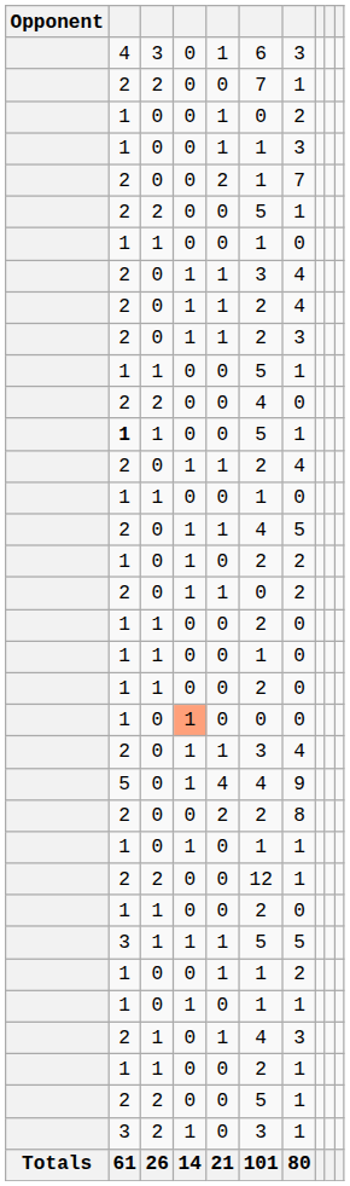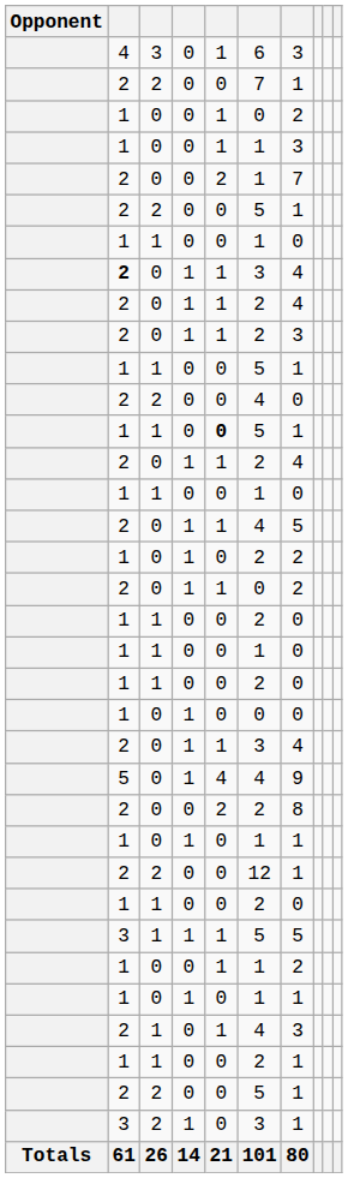 <table class="wikitable plainrowheaders sortable" style="text-align:center">
 <tr>
 <th scope=col>Opponent</th>
 <th scope=col></th>
 <th scope=col></th>
 <th scope=col></th>
 <th scope=col></th>
 <th scope=col></th>
 <th scope=col></th>
 <th scope=col></th>
 <th scope=col></th>
 <th scope=col></th>
 </tr>
 <tr>
 <th scope=row style="text-align:left;"></th>
 <td>4</td>
 <td>3</td>
 <td>0</td>
 <td>1</td>
 <td>6</td>
 <td>3</td>
 <td></td>
 <td></td>
 <td></td>
 </tr>
 <tr>
 <th scope=row style="text-align:left;"></th>
 <td>2</td>
 <td>2</td>
 <td>0</td>
 <td>0</td>
 <td>7</td>
 <td>1</td>
 <td></td>
 <td></td>
 <td></td>
 </tr>
 <tr>
 <th scope=row style="text-align:left;"></th>
 <td>1</td>
 <td>0</td>
 <td>0</td>
 <td>1</td>
 <td>0</td>
 <td>2</td>
 <td></td>
 <td></td>
 <td></td>
 </tr>
 <tr>
 <th scope=row style="text-align:left;"></th>
 <td>1</td>
 <td>0</td>
 <td>0</td>
 <td>1</td>
 <td>1</td>
 <td>3</td>
 <td></td>
 <td></td>
 <td></td>
 </tr>
 <tr>
 <th scope=row style="text-align:left;"></th>
 <td>2</td>
 <td>0</td>
 <td>0</td>
 <td>2</td>
 <td>1</td>
 <td>7</td>
 <td></td>
 <td></td>
 <td></td>
 </tr>
 <tr>
 <th scope=row style="text-align:left;"></th>
 <td>2</td>
 <td>2</td>
 <td>0</td>
 <td>0</td>
 <td>5</td>
 <td>1</td>
 <td></td>
 <td></td>
 <td></td>
 </tr>
 <tr>
 <th scope=row style="text-align:left;"></th>
 <td>1</td>
 <td>1</td>
 <td>0</td>
 <td>0</td>
 <td>1</td>
 <td>0</td>
 <td></td>
 <td></td>
 <td></td>
 </tr>
 <tr>
 <th scope=row style="text-align:left;"></th>
-<td>2</td>
+<td><strong>2</strong></td>
 <td>0</td>
 <td>1</td>
 <td>1</td>
 <td>3</td>
 <td>4</td>
 <td></td>
 <td></td>
 <td></td>
 </tr>
 <tr>
 <th scope=row style="text-align:left;"></th>
 <td>2</td>
 <td>0</td>
 <td>1</td>
 <td>1</td>
 <td>2</td>
 <td>4</td>
 <td></td>
 <td></td>
 <td></td>
 </tr>
 <tr>
 <th scope=row style="text-align:left;"></th>
 <td>2</td>
 <td>0</td>
 <td>1</td>
 <td>1</td>
 <td>2</td>
 <td>3</td>
 <td></td>
 <td></td>
 <td></td>
 </tr>
 <tr>
 <th scope=row style="text-align:left;"></th>
 <td>1</td>
 <td>1</td>
 <td>0</td>
 <td>0</td>
 <td>5</td>
 <td>1</td>
 <td></td>
 <td></td>
 <td></td>
 </tr>
 <tr>
 <th scope=row style="text-align:left;"></th>
 <td>2</td>
 <td>2</td>
 <td>0</td>
 <td>0</td>
 <td>4</td>
 <td>0</td>
 <td></td>
 <td></td>
 <td></td>
 </tr>
 <tr>
 <th scope=row style="text-align:left;"></th>
-<td><strong>1</strong></td>
+<td>1</td>
 <td>1</td>
 <td>0</td>
-<td>0</td>
+<td><strong>0</strong></td>
 <td>5</td>
 <td>1</td>
 <td></td>
 <td></td>
 <td></td>
 </tr>
 <tr>
 <th scope=row style="text-align:left;"></th>
 <td>2</td>
 <td>0</td>
 <td>1</td>
 <td>1</td>
 <td>2</td>
 <td>4</td>
 <td></td>
 <td></td>
 <td></td>
 </tr>
 <tr>
 <th scope=row style="text-align:left;"></th>
 <td>1</td>
 <td>1</td>
 <td>0</td>
 <td>0</td>
 <td>1</td>
 <td>0</td>
 <td></td>
 <td></td>
 <td></td>
 </tr>
 <tr>
 <th scope=row style="text-align:left;"></th>
 <td>2</td>
 <td>0</td>
 <td>1</td>
 <td>1</td>
 <td>4</td>
 <td>5</td>
 <td></td>
 <td></td>
 <td></td>
 </tr>
 <tr>
 <th scope=row style="text-align:left;"></th>
 <td>1</td>
 <td>0</td>
 <td>1</td>
 <td>0</td>
 <td>2</td>
 <td>2</td>
 <td></td>
 <td></td>
 <td></td>
 </tr>
 <tr>
 <th scope=row style="text-align:left;"></th>
 <td>2</td>
 <td>0</td>
 <td>1</td>
 <td>1</td>
 <td>0</td>
 <td>2</td>
 <td></td>
 <td></td>
 <td></td>
 </tr>
 <tr>
 <th scope=row style="text-align:left;"></th>
 <td>1</td>
 <td>1</td>
 <td>0</td>
 <td>0</td>
 <td>2</td>
 <td>0</td>
 <td></td>
 <td></td>
 <td></td>
 </tr>
 <tr>
 <th scope=row style="text-align:left;"></th>
 <td>1</td>
 <td>1</td>
 <td>0</td>
 <td>0</td>
 <td>1</td>
 <td>0</td>
 <td></td>
 <td></td>
 <td></td>
 </tr>
 <tr>
 <th scope=row style="text-align:left;"></th>
 <td>1</td>
 <td>1</td>
 <td>0</td>
 <td>0</td>
 <td>2</td>
 <td>0</td>
 <td></td>
 <td></td>
 <td></td>
 </tr>
 <tr>
 <th scope=row style="text-align:left;"></th>
 <td>1</td>
 <td>0</td>
-<td style="background: lightsalmon;">1</td>
+<td>1</td>
 <td>0</td>
 <td>0</td>
 <td>0</td>
 <td></td>
 <td></td>
 <td></td>
 </tr>
 <tr>
 <th scope=row style="text-align:left;"></th>
 <td>2</td>
 <td>0</td>
 <td>1</td>
 <td>1</td>
 <td>3</td>
 <td>4</td>
 <td></td>
 <td></td>
 <td></td>
 </tr>
 <tr>
 <th scope=row style="text-align:left;"></th>
 <td>5</td>
 <td>0</td>
 <td>1</td>
 <td>4</td>
 <td>4</td>
 <td>9</td>
 <td></td>
 <td></td>
 <td></td>
 </tr>
 <tr>
 <th scope=row style="text-align:left;"></th>
 <td>2</td>
 <td>0</td>
 <td>0</td>
 <td>2</td>
 <td>2</td>
 <td>8</td>
 <td></td>
 <td></td>
 <td></td>
 </tr>
 <tr>
 <th scope=row style="text-align:left;"></th>
 <td>1</td>
 <td>0</td>
 <td>1</td>
 <td>0</td>
 <td>1</td>
 <td>1</td>
 <td></td>
 <td></td>
 <td></td>
 </tr>
 <tr>
 <th scope=row style="text-align:left;"></th>
 <td>2</td>
 <td>2</td>
 <td>0</td>
 <td>0</td>
 <td>12</td>
 <td>1</td>
 <td></td>
 <td></td>
 <td></td>
 </tr>
 <tr>
 <th scope=row style="text-align:left;"></th>
 <td>1</td>
 <td>1</td>
 <td>0</td>
 <td>0</td>
 <td>2</td>
 <td>0</td>
 <td></td>
 <td></td>
 <td></td>
 </tr>
 <tr>
 <th scope=row style="text-align:left;"></th>
 <td>3</td>
 <td>1</td>
 <td>1</td>
 <td>1</td>
 <td>5</td>
 <td>5</td>
 <td></td>
 <td></td>
 <td></td>
 </tr>
 <tr>
 <th scope=row style="text-align:left;"></th>
 <td>1</td>
 <td>0</td>
 <td>0</td>
 <td>1</td>
 <td>1</td>
 <td>2</td>
 <td></td>
 <td></td>
 <td></td>
 </tr>
 <tr>
 <th scope=row style="text-align:left;"></th>
 <td>1</td>
 <td>0</td>
 <td>1</td>
 <td>0</td>
 <td>1</td>
 <td>1</td>
 <td></td>
 <td></td>
 <td></td>
 </tr>
 <tr>
 <th scope=row style="text-align:left;"></th>
 <td>2</td>
 <td>1</td>
 <td>0</td>
 <td>1</td>
 <td>4</td>
 <td>3</td>
 <td></td>
 <td></td>
 <td></td>
 </tr>
 <tr>
 <th scope=row style="text-align:left;"></th>
 <td>1</td>
 <td>1</td>
 <td>0</td>
 <td>0</td>
 <td>2</td>
 <td>1</td>
 <td></td>
 <td></td>
 <td></td>
 </tr>
 <tr>
 <th scope=row style="text-align:left;"></th>
 <td>2</td>
 <td>2</td>
 <td>0</td>
 <td>0</td>
 <td>5</td>
 <td>1</td>
 <td></td>
 <td></td>
 <td></td>
 </tr>
 <tr>
 <th scope=row style="text-align:left;"></th>
 <td>3</td>
 <td>2</td>
 <td>1</td>
 <td>0</td>
 <td>3</td>
 <td>1</td>
 <td></td>
 <td></td>
 <td></td>
 </tr>
 <tr class="sortbottom">
 <th>Totals</th>
 <th>61</th>
 <th>26</th>
 <th>14</th>
 <th>21</th>
 <th>101</th>
 <th>80</th>
 <th></th>
 <th></th>
 <th></th>
 </tr>
 </table>
